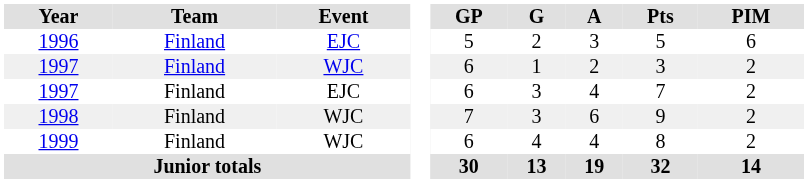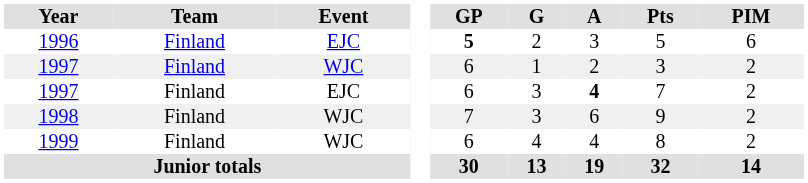 <table border="0" cellpadding="1" cellspacing="0" style="text-align:center; width:40em">
 <tr ALIGN="center" bgcolor="#e0e0e0">
 <th>Year</th>
 <th>Team</th>
 <th>Event</th>
 <th rowspan="99" bgcolor="#ffffff"> </th>
 <th>GP</th>
 <th>G</th>
 <th>A</th>
 <th>Pts</th>
 <th>PIM</th>
 </tr>
 <tr>
 <td><a href='#'>1996</a></td>
 <td><a href='#'>Finland</a></td>
 <td><a href='#'>EJC</a></td>
-<td>5</td>
+<td><strong>5</strong></td>
 <td>2</td>
 <td>3</td>
 <td>5</td>
 <td>6</td>
 </tr>
 <tr bgcolor="#f0f0f0">
 <td><a href='#'>1997</a></td>
 <td><a href='#'>Finland</a></td>
 <td><a href='#'>WJC</a></td>
 <td>6</td>
 <td>1</td>
 <td>2</td>
 <td>3</td>
 <td>2</td>
 </tr>
 <tr>
 <td><a href='#'>1997</a></td>
 <td>Finland</td>
 <td>EJC</td>
 <td>6</td>
 <td>3</td>
-<td>4</td>
+<td><strong>4</strong></td>
 <td>7</td>
 <td>2</td>
 </tr>
 <tr bgcolor="#f0f0f0">
 <td><a href='#'>1998</a></td>
 <td>Finland</td>
 <td>WJC</td>
 <td>7</td>
 <td>3</td>
 <td>6</td>
 <td>9</td>
 <td>2</td>
 </tr>
 <tr>
 <td><a href='#'>1999</a></td>
 <td>Finland</td>
 <td>WJC</td>
 <td>6</td>
 <td>4</td>
 <td>4</td>
 <td>8</td>
 <td>2</td>
 </tr>
 <tr bgcolor="#e0e0e0">
 <th colspan="3">Junior totals</th>
 <th>30</th>
 <th>13</th>
 <th>19</th>
 <th>32</th>
 <th>14</th>
 </tr>
 </table>
